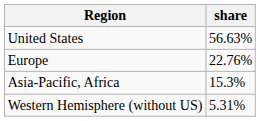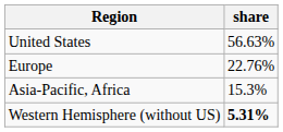 <table class="wikitable floatright">
 <tr>
 <th>Region</th>
 <th>share</th>
 </tr>
 <tr>
 <td>United States</td>
 <td>56.63%</td>
 </tr>
 <tr>
 <td>Europe</td>
 <td>22.76%</td>
 </tr>
 <tr>
 <td>Asia-Pacific, Africa</td>
 <td>15.3%</td>
 </tr>
 <tr>
 <td>Western Hemisphere (without US)</td>
-<td>5.31%</td>
+<td><strong>5.31%</strong></td>
 </tr>
 </table>
